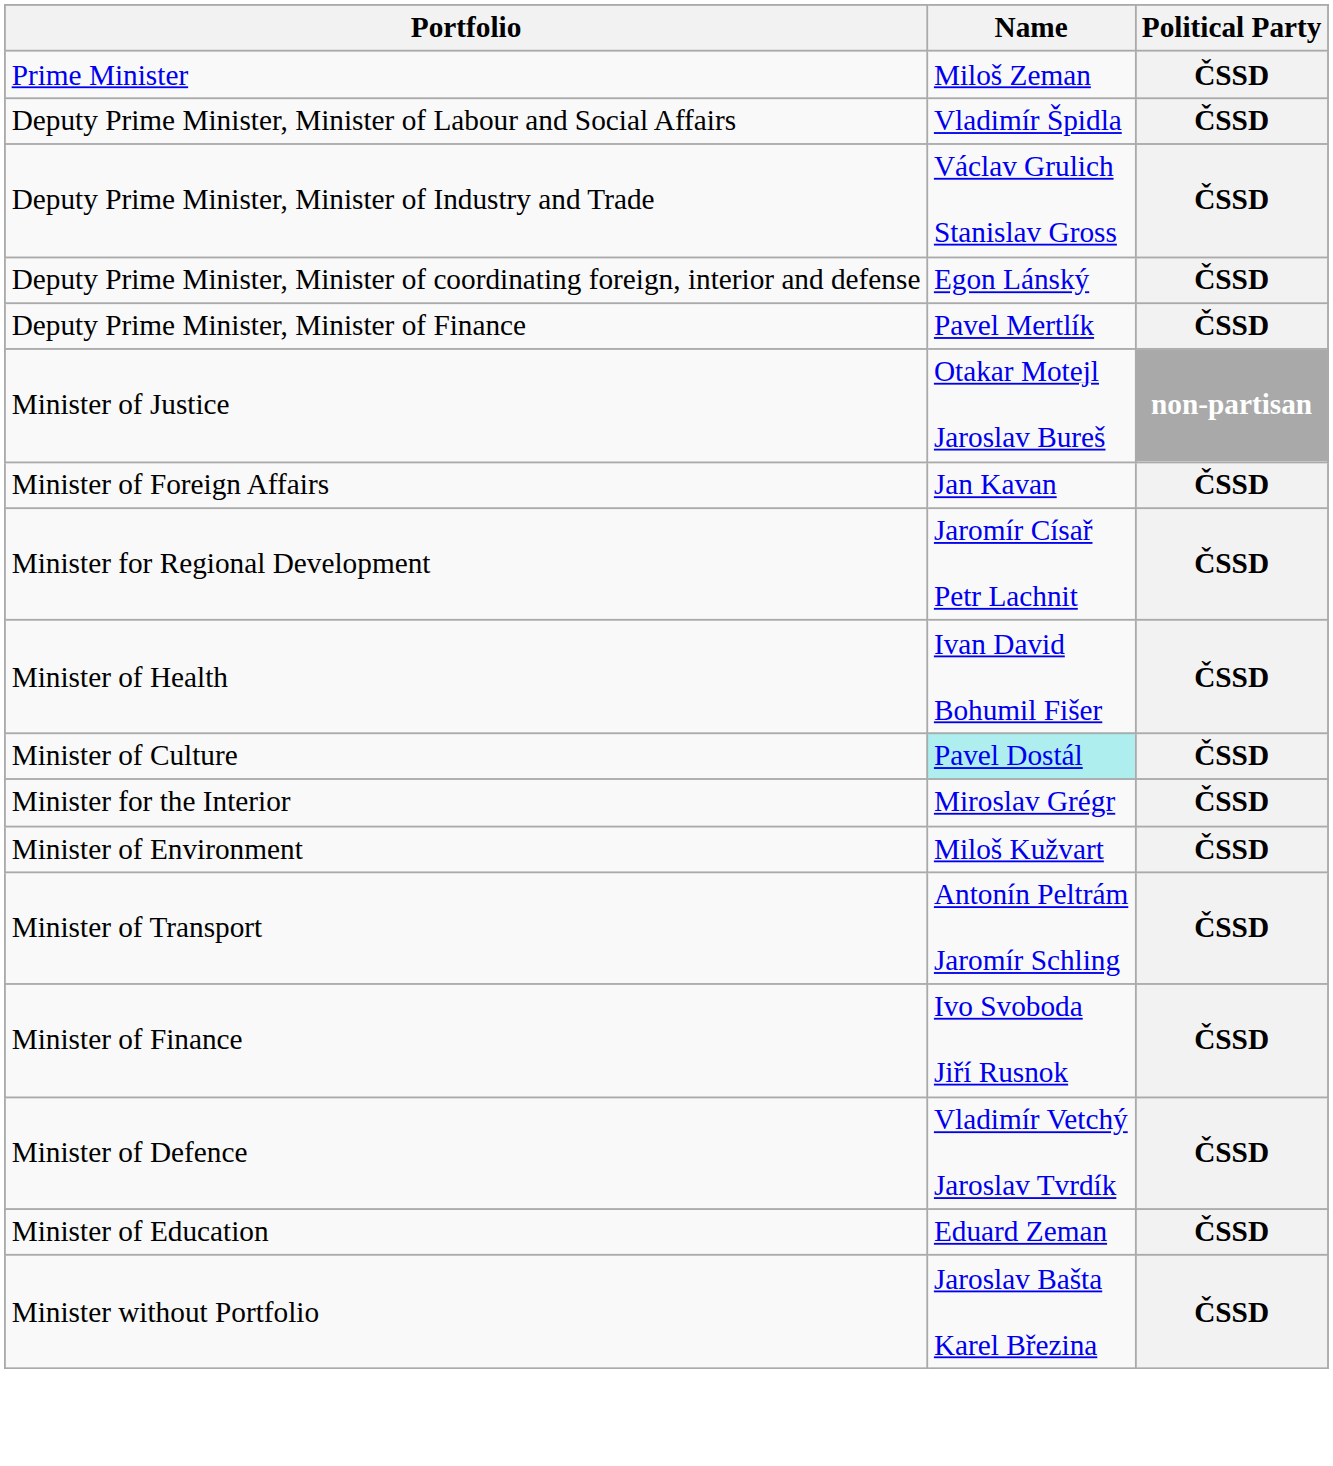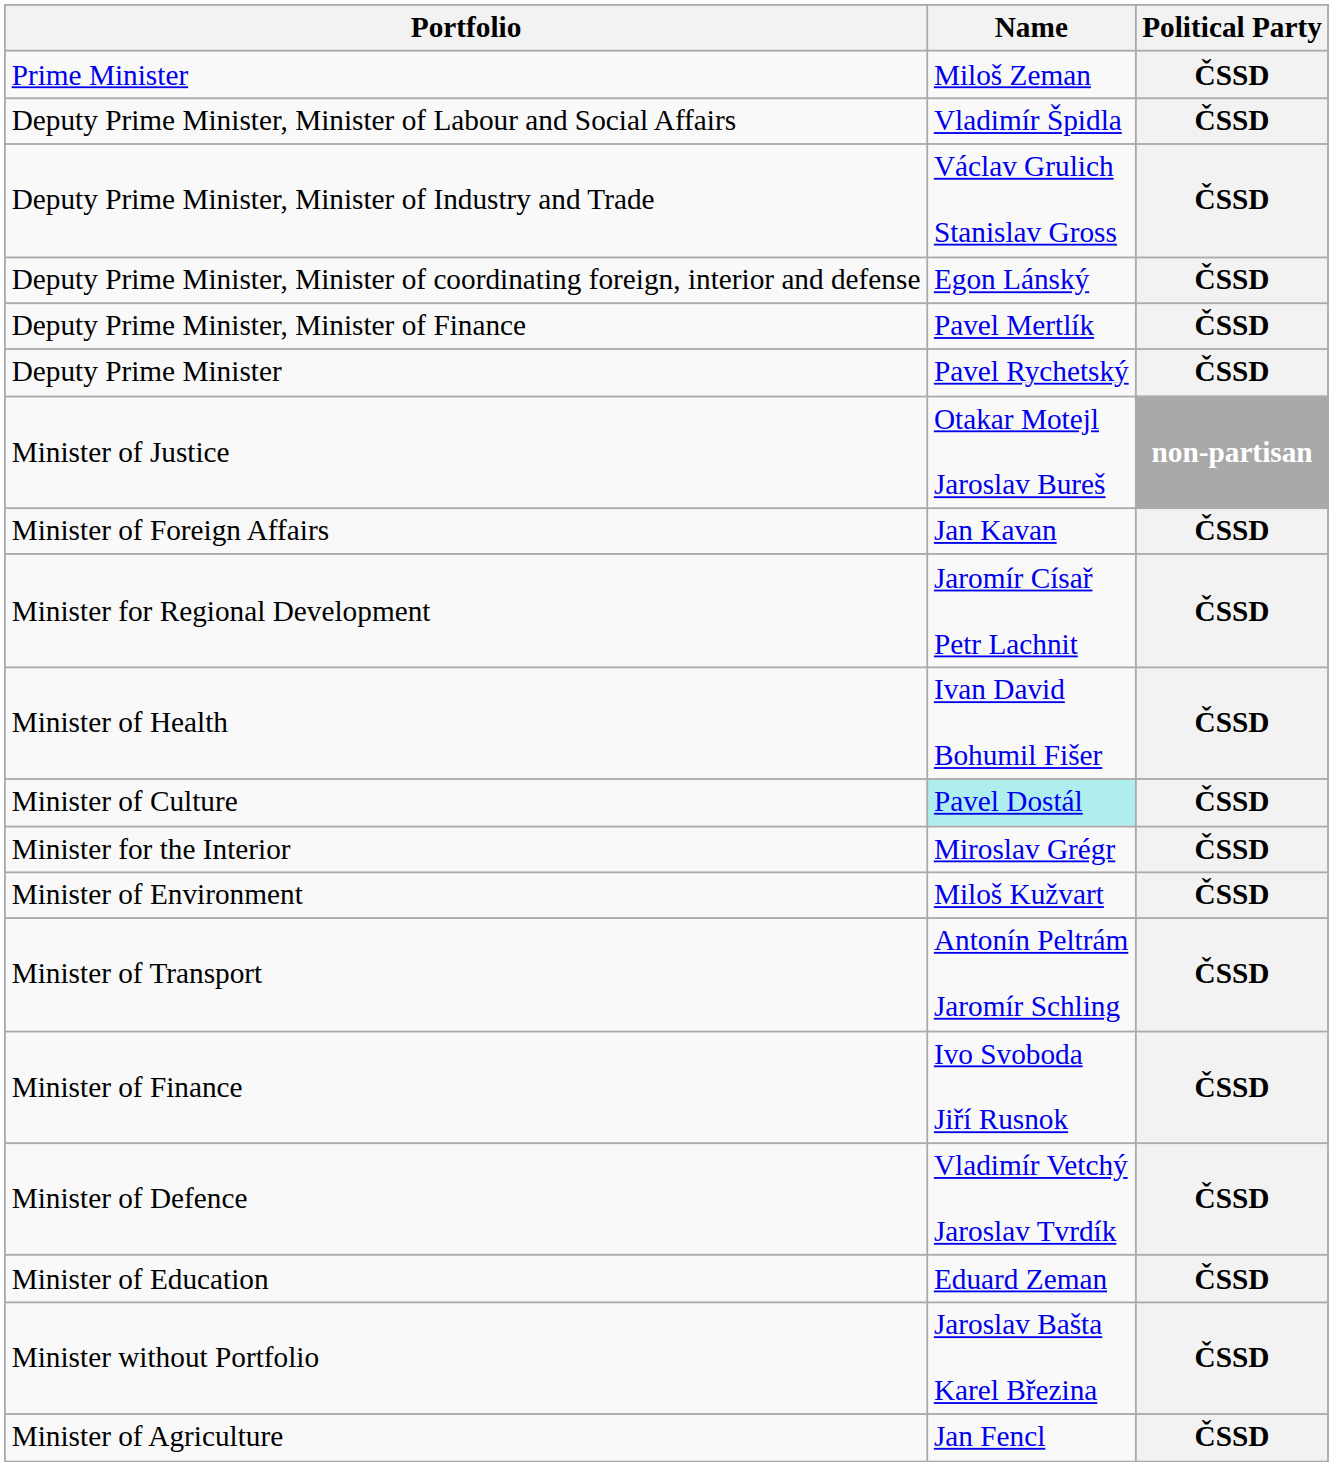 <table class="wikitable">
 <tr>
 <th>Portfolio</th>
 <th>Name</th>
 <th>Political Party</th>
 </tr>
 <tr>
 <td><a href='#'>Prime Minister</a></td>
 <td><a href='#'>Miloš Zeman</a></td>
 <th style="background-color:">ČSSD</th>
 </tr>
 <tr>
 <td>Deputy Prime Minister, Minister of Labour and Social Affairs</td>
 <td><a href='#'>Vladimír Špidla</a></td>
 <th style="background-color:">ČSSD</th>
 </tr>
 <tr>
 <td>Deputy Prime Minister, Minister of Industry and Trade</td>
 <td><a href='#'>Václav Grulich</a><br><br><a href='#'>Stanislav Gross</a></td>
 <th style="background-color:">ČSSD</th>
 </tr>
 <tr>
 <td>Deputy Prime Minister,  Minister of coordinating foreign, interior and defense</td>
 <td><a href='#'>Egon Lánský</a></td>
 <th style="background-color:">ČSSD</th>
 </tr>
 <tr>
 <td>Deputy Prime Minister, Minister of Finance</td>
 <td><a href='#'>Pavel Mertlík</a></td>
+<th style="background-color:">ČSSD</th>
+</tr>
+<tr>
+<td>Deputy Prime Minister</td>
+<td><a href='#'>Pavel Rychetský</a></td>
 <th style="background-color:">ČSSD</th>
 </tr>
 <tr>
 <td>Minister of Justice</td>
 <td><a href='#'>Otakar Motejl</a><br><br><a href='#'>Jaroslav Bureš</a></td>
 <th style="background-color:#A9A9A9; color:white">non-partisan</th>
 </tr>
 <tr>
 <td>Minister of Foreign Affairs</td>
 <td><a href='#'>Jan Kavan</a></td>
 <th style="background-color:">ČSSD</th>
 </tr>
 <tr>
 <td>Minister for Regional Development</td>
 <td><a href='#'>Jaromír Císař</a><br><br><a href='#'>Petr Lachnit</a></td>
 <th style="background-color:">ČSSD</th>
 </tr>
 <tr>
 <td>Minister of Health</td>
 <td><a href='#'>Ivan David</a><br><br><a href='#'>Bohumil Fišer</a></td>
 <th style="background-color:">ČSSD</th>
 </tr>
 <tr>
 <td>Minister of Culture</td>
 <td style="background: paleturquoise;"><a href='#'>Pavel Dostál</a></td>
 <th style="background-color:">ČSSD</th>
 </tr>
 <tr>
 <td>Minister for the Interior</td>
 <td><a href='#'>Miroslav Grégr</a></td>
 <th style="background-color:">ČSSD</th>
 </tr>
 <tr>
 <td>Minister of Environment</td>
 <td><a href='#'>Miloš Kužvart</a></td>
 <th style="background-color:">ČSSD</th>
 </tr>
 <tr>
 <td>Minister of Transport</td>
 <td><a href='#'>Antonín Peltrám</a><br><br><a href='#'>Jaromír Schling</a></td>
 <th style="background-color:">ČSSD</th>
 </tr>
 <tr>
 <td>Minister of Finance</td>
 <td><a href='#'>Ivo Svoboda</a><br><br><a href='#'>Jiří Rusnok</a></td>
 <th style="background-color:">ČSSD</th>
 </tr>
 <tr>
 <td>Minister of Defence</td>
 <td><a href='#'>Vladimír Vetchý</a><br><br><a href='#'>Jaroslav Tvrdík</a></td>
 <th style="background-color:">ČSSD</th>
 </tr>
 <tr>
 <td>Minister of Education</td>
 <td><a href='#'>Eduard Zeman</a></td>
 <th style="background-color:">ČSSD</th>
 </tr>
 <tr>
 <td>Minister without Portfolio</td>
 <td><a href='#'>Jaroslav Bašta</a><br><br><a href='#'>Karel Březina</a></td>
 <th style="background-color:">ČSSD</th>
 </tr>
+<tr>
+<td>Minister of Agriculture</td>
+<td><a href='#'>Jan Fencl</a></td>
+<th style="background-color:">ČSSD</th>
+</tr>
 </table>
